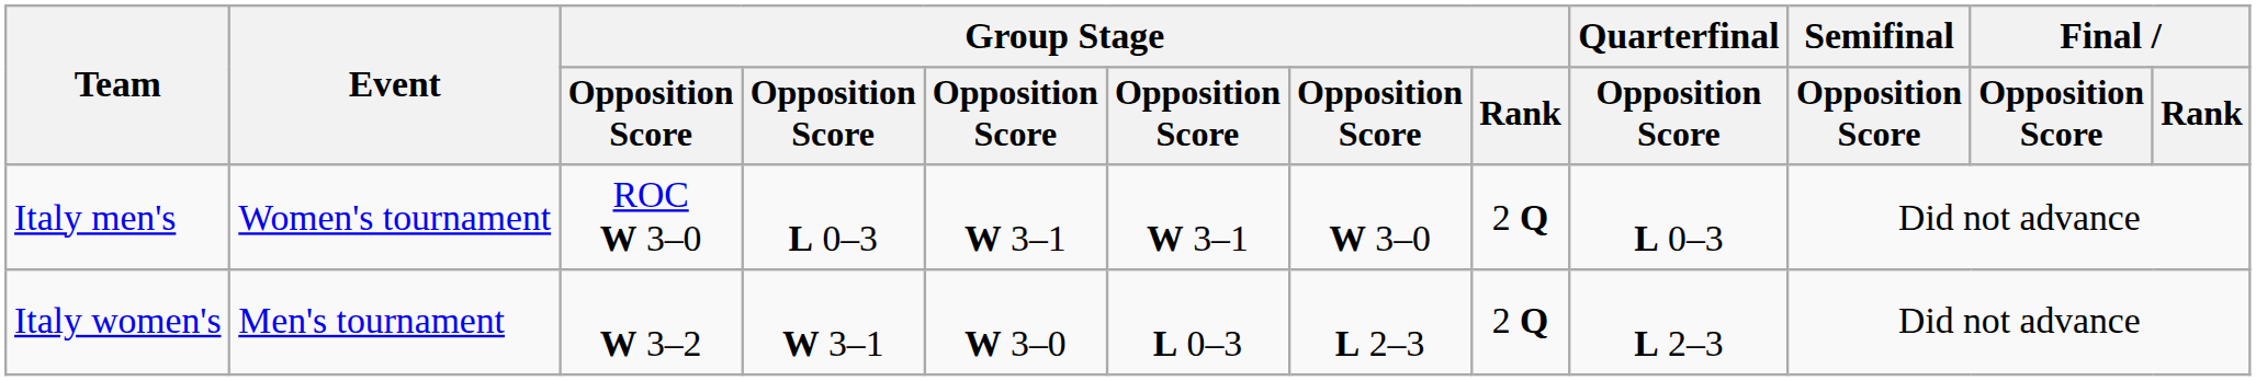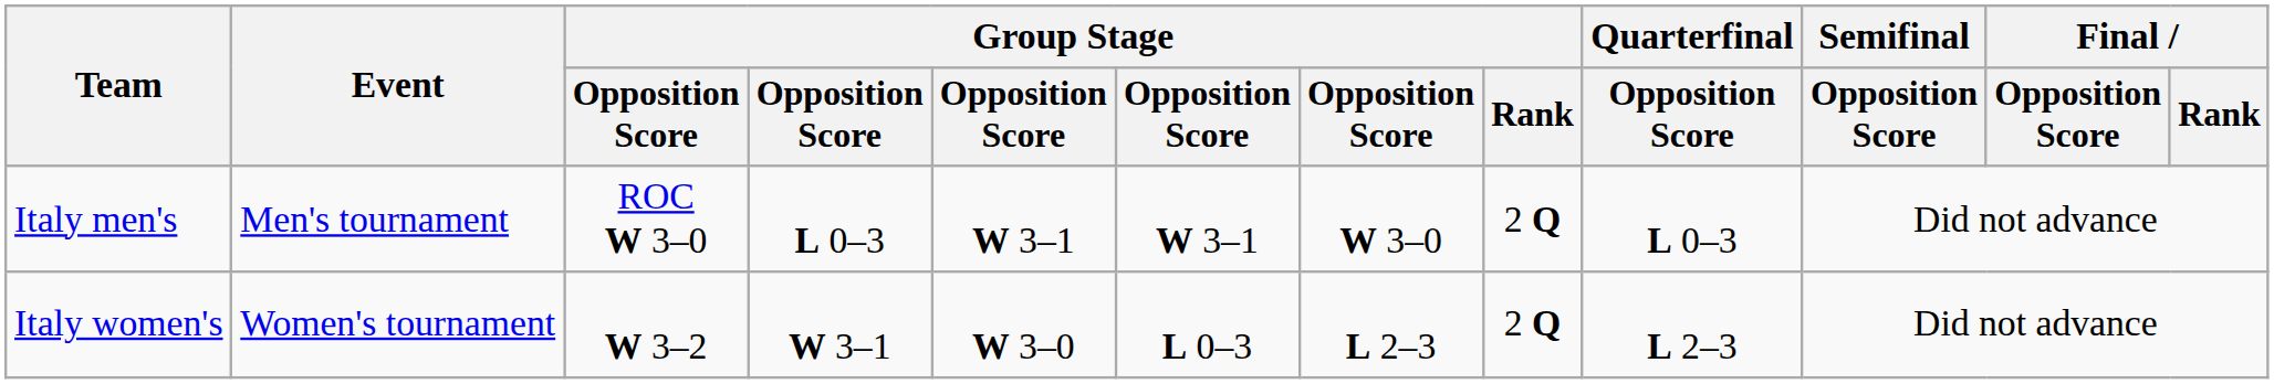 <table class=wikitable style=font-size:90%>
 <tr>
 <th rowspan=2>Team</th>
 <th rowspan=2>Event</th>
 <th colspan=6>Group Stage</th>
 <th>Quarterfinal</th>
 <th>Semifinal</th>
 <th colspan=2>Final / </th>
 </tr>
 <tr style=font-size:95%>
 <th>Opposition<br>Score</th>
 <th>Opposition<br>Score</th>
 <th>Opposition<br>Score</th>
 <th>Opposition<br>Score</th>
 <th>Opposition<br>Score</th>
 <th>Rank</th>
 <th>Opposition<br>Score</th>
 <th>Opposition<br>Score</th>
 <th>Opposition<br>Score</th>
 <th>Rank</th>
 </tr>
 <tr align=center>
 <td align=left><a href='#'>Italy men's</a></td>
-<td align=left><a href='#'>Women's tournament</a></td>
+<td align=left><a href='#'>Men's tournament</a></td>
 <td> <a href='#'>ROC</a><br><strong>W</strong> 3–0</td>
 <td><br> <strong>L</strong> 0–3</td>
 <td><br><strong>W</strong> 3–1</td>
 <td><br><strong>W</strong> 3–1</td>
 <td><br><strong>W</strong> 3–0</td>
 <td>2 <strong>Q</strong></td>
 <td><br><strong>L</strong> 0–3</td>
 <td colspan=3>Did not advance</td>
 </tr>
 <tr align=center>
 <td align=left><a href='#'>Italy women's</a></td>
-<td align=left><a href='#'>Men's tournament</a></td>
+<td align=left><a href='#'>Women's tournament</a></td>
 <td><br><strong>W</strong> 3–2</td>
 <td><br><strong>W</strong> 3–1</td>
 <td><br><strong>W</strong> 3–0</td>
 <td><br><strong>L</strong> 0–3</td>
 <td><br><strong>L</strong> 2–3</td>
 <td>2 <strong>Q</strong></td>
 <td><br><strong>L</strong> 2–3</td>
 <td colspan=3>Did not advance</td>
 </tr>
 </table>
